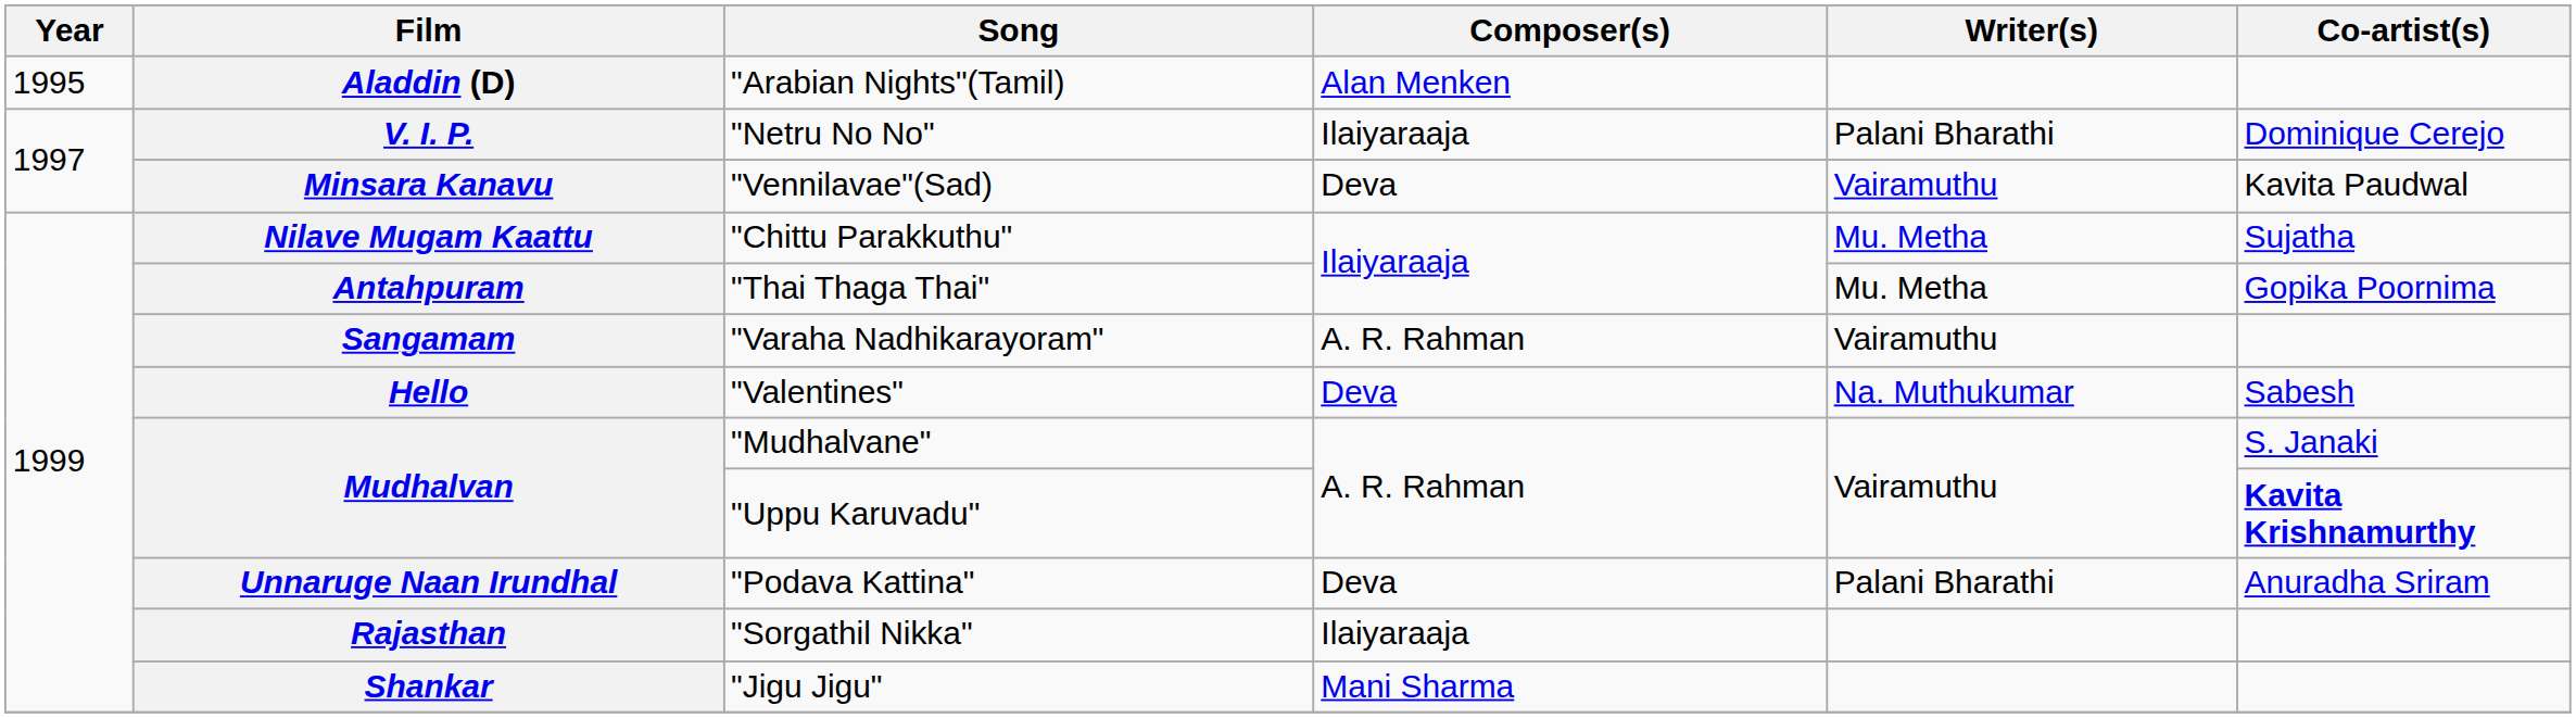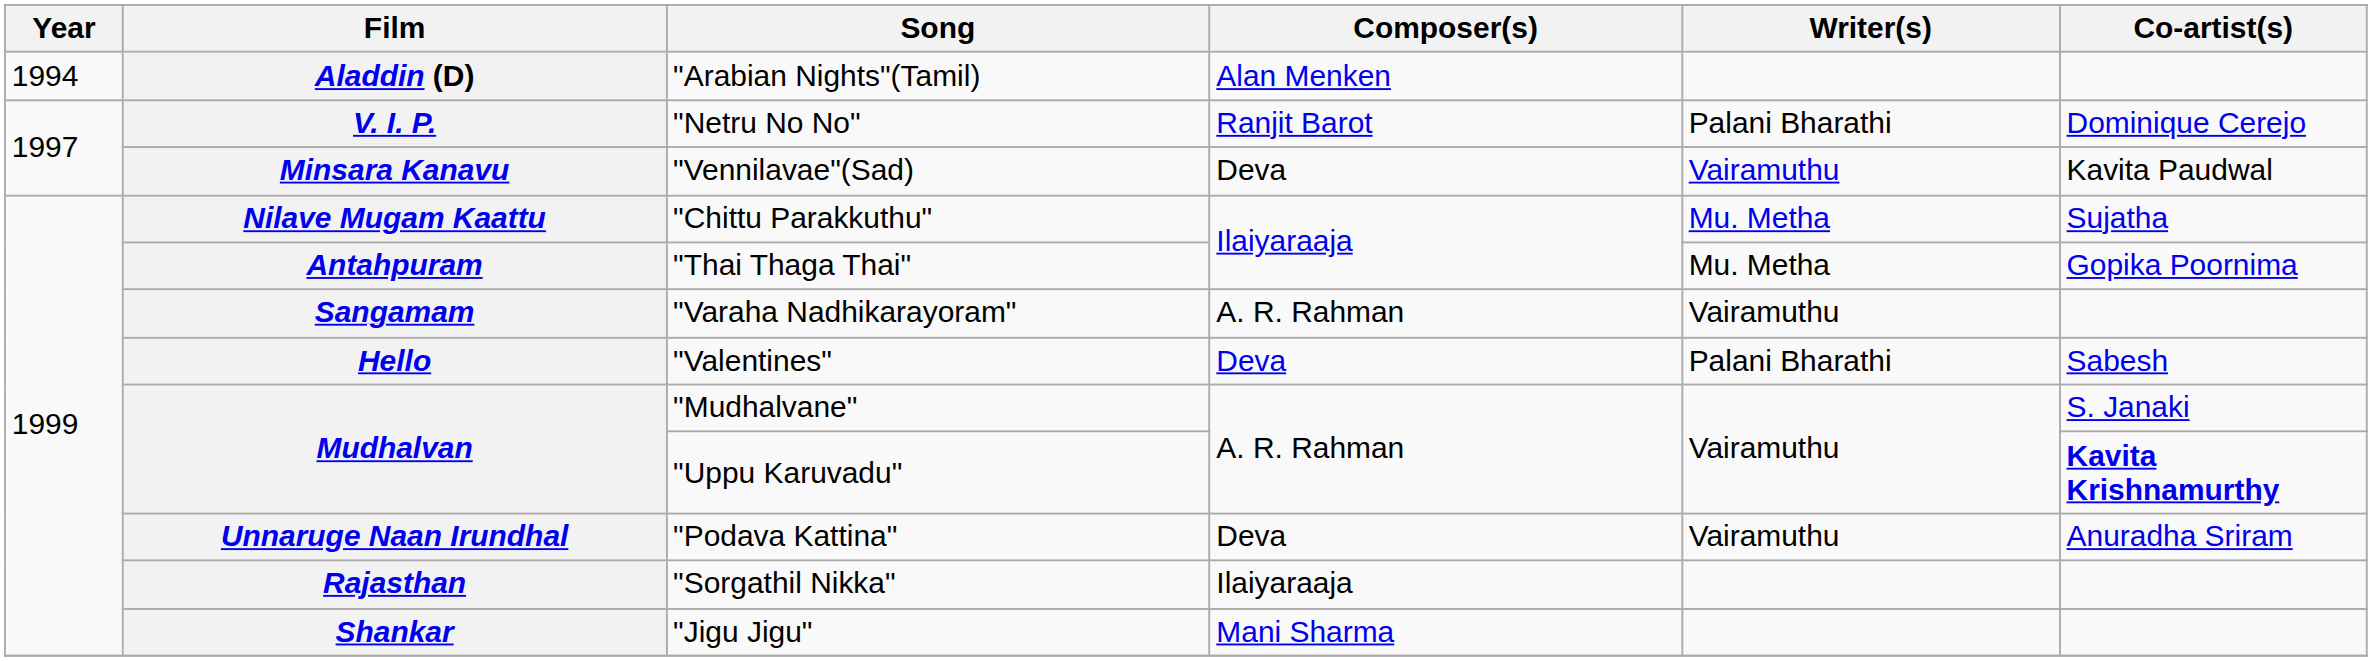 <table class="wikitable plainrowheaders" width="100%" textcolor:#000;">
 <tr style="background:#b0e0e66;">
 <th scope="col" width=5%><strong>Year</strong></th>
 <th scope="col" width=23%><strong>Film</strong></th>
 <th scope="col" width=23%><strong>Song</strong></th>
 <th scope="col" width=20%><strong>Composer(s)</strong></th>
 <th scope="col" width=16%><strong>Writer(s)</strong></th>
 <th scope="col" width=23%><strong>Co-artist(s)</strong></th>
 </tr>
 <tr>
-<td>1995</td>
+<td>1994</td>
 <th><a href='#'><em>Aladdin</em></a> (D)</th>
 <td>"Arabian Nights"(Tamil)</td>
 <td><a href='#'>Alan Menken</a></td>
 <td></td>
 <td></td>
 </tr>
 <tr>
 <td rowspan="2">1997</td>
 <th><em><a href='#'>V. I. P.</a></em></th>
 <td>"Netru No No"</td>
-<td>Ilaiyaraaja</td>
+<td><a href='#'>Ranjit Barot</a></td>
 <td>Palani Bharathi</td>
 <td><a href='#'>Dominique Cerejo</a></td>
 </tr>
 <tr>
 <th><em><a href='#'>Minsara Kanavu</a></em></th>
 <td>"Vennilavae"(Sad)</td>
 <td>Deva</td>
 <td><a href='#'>Vairamuthu</a></td>
 <td>Kavita Paudwal</td>
 </tr>
 <tr>
 <td rowspan="9">1999</td>
 <th><em><a href='#'>Nilave Mugam Kaattu</a></em></th>
 <td>"Chittu Parakkuthu"</td>
 <td rowspan="2"><a href='#'>Ilaiyaraaja</a></td>
 <td><a href='#'>Mu. Metha</a></td>
 <td><a href='#'>Sujatha</a></td>
 </tr>
 <tr>
 <th><em><a href='#'>Antahpuram</a></em></th>
 <td>"Thai Thaga Thai"</td>
 <td>Mu. Metha</td>
 <td><a href='#'>Gopika Poornima</a></td>
 </tr>
 <tr>
 <th><em><a href='#'>Sangamam</a></em></th>
 <td>"Varaha Nadhikarayoram"</td>
 <td>A. R. Rahman</td>
 <td>Vairamuthu</td>
 <td></td>
 </tr>
 <tr>
 <th><em><a href='#'>Hello</a></em></th>
 <td>"Valentines"</td>
 <td><a href='#'>Deva</a></td>
-<td><a href='#'>Na. Muthukumar</a></td>
+<td>Palani Bharathi</td>
 <td><a href='#'>Sabesh</a></td>
 </tr>
 <tr>
 <th rowspan="2"><em><a href='#'>Mudhalvan</a></em></th>
 <td>"Mudhalvane"</td>
 <td rowspan="2">A. R. Rahman</td>
 <td rowspan="2">Vairamuthu</td>
 <td><a href='#'>S. Janaki</a></td>
 </tr>
 <tr>
 <td>"Uppu Karuvadu"</td>
 <td><strong><a href='#'>Kavita Krishnamurthy</a></strong></td>
 </tr>
 <tr>
 <th><em><a href='#'>Unnaruge Naan Irundhal</a></em></th>
 <td>"Podava Kattina"</td>
 <td>Deva</td>
-<td>Palani Bharathi</td>
+<td>Vairamuthu</td>
 <td><a href='#'>Anuradha Sriram</a></td>
 </tr>
 <tr>
 <th><em><a href='#'>Rajasthan</a></em></th>
 <td>"Sorgathil Nikka"</td>
 <td>Ilaiyaraaja</td>
 <td></td>
 <td></td>
 </tr>
 <tr>
 <th><a href='#'><em>Shankar</em></a></th>
 <td>"Jigu Jigu"</td>
 <td><a href='#'>Mani Sharma</a></td>
 <td></td>
 <td></td>
 </tr>
 <tr>
 </tr>
 </table>
